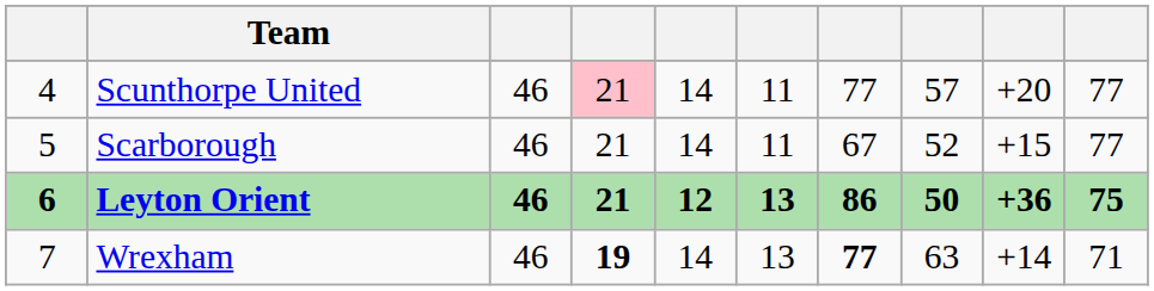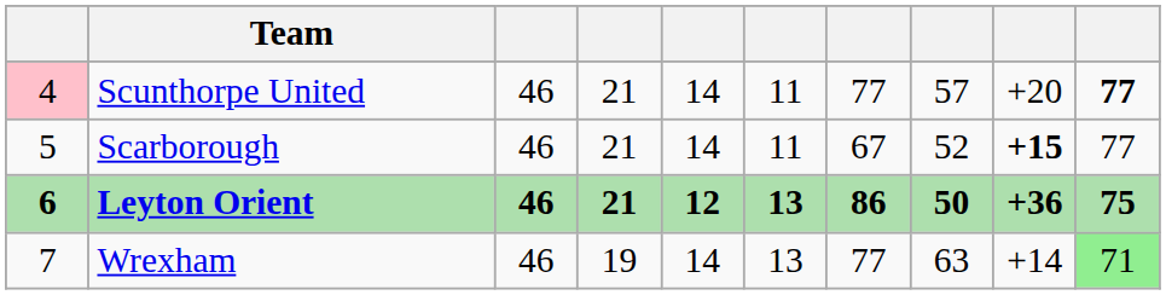 <table class="wikitable" style="text-align:center">
 <tr>
 <th width="30"></th>
 <th width="175">Team</th>
 <th width="30"></th>
 <th width="30"></th>
 <th width="30"></th>
 <th width="30"></th>
 <th width="30"></th>
 <th width="30"></th>
 <th width="30"></th>
 <th width="30"></th>
 </tr>
 <tr>
-<td>4</td>
+<td style="background: pink;">4</td>
 <td align=left><a href='#'>Scunthorpe United</a></td>
 <td>46</td>
-<td style="background: pink;">21</td>
+<td>21</td>
 <td>14</td>
 <td>11</td>
 <td>77</td>
 <td>57</td>
 <td>+20</td>
-<td>77</td>
+<td><strong>77</strong></td>
 </tr>
 <tr>
 <td>5</td>
 <td align=left><a href='#'>Scarborough</a></td>
 <td>46</td>
 <td>21</td>
 <td>14</td>
 <td>11</td>
 <td>67</td>
 <td>52</td>
-<td>+15</td>
+<td><strong>+15</strong></td>
 <td>77</td>
 </tr>
 <tr bgcolor=#ADDFAD>
 <td><strong>6</strong></td>
 <td align=left><strong><a href='#'>Leyton Orient</a></strong></td>
 <td><strong>46</strong></td>
 <td><strong>21</strong></td>
 <td><strong>12</strong></td>
 <td><strong>13</strong></td>
 <td><strong>86</strong></td>
 <td><strong>50</strong></td>
 <td><strong>+36</strong></td>
 <td><strong>75</strong></td>
 </tr>
 <tr>
 <td>7</td>
 <td align=left><a href='#'>Wrexham</a></td>
 <td>46</td>
-<td><strong>19</strong></td>
+<td>19</td>
 <td>14</td>
 <td>13</td>
-<td><strong>77</strong></td>
+<td>77</td>
 <td>63</td>
 <td>+14</td>
-<td>71</td>
+<td style="background: lightgreen;">71</td>
 </tr>
 </table>
